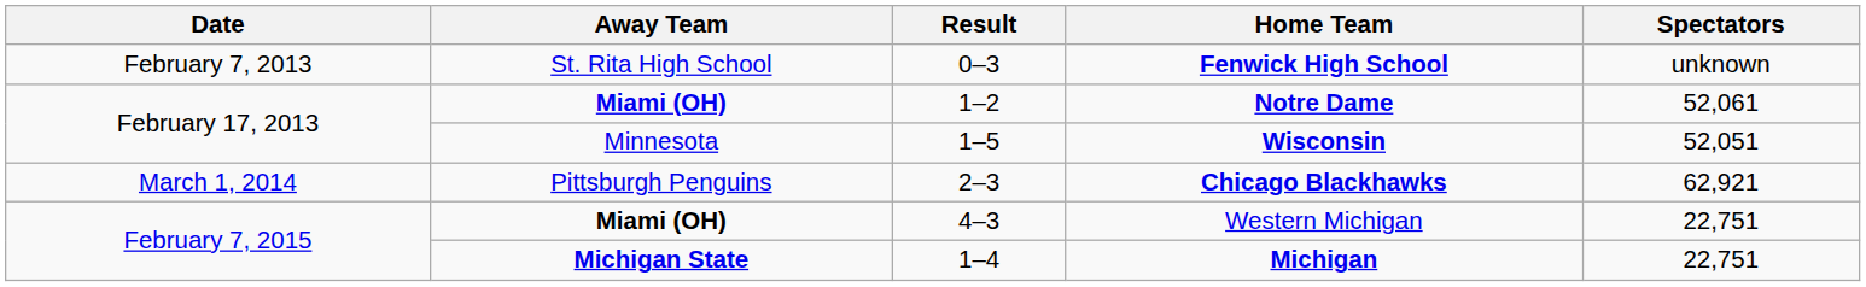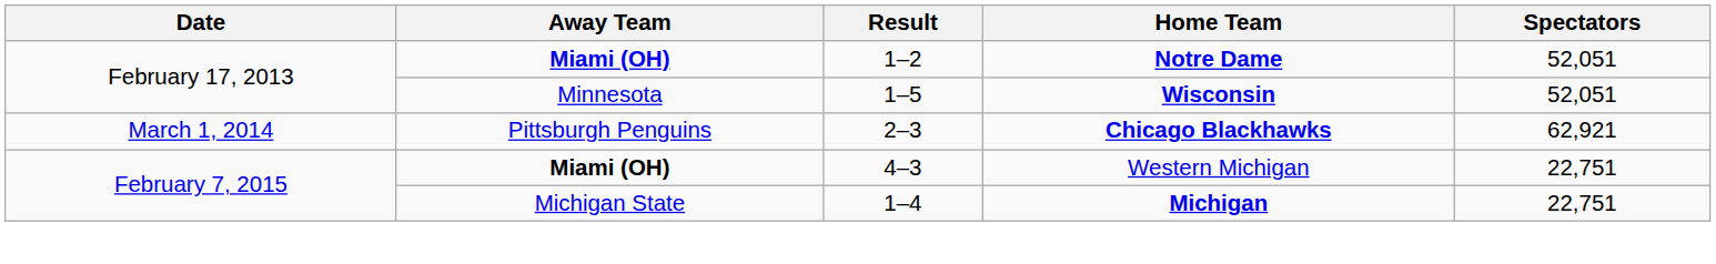 <table class="wikitable"  style="text-align:left; width:95%; text-align:center;">
 <tr>
 <th style="text-align:center; ">Date</th>
 <th style="text-align:center; ">Away Team</th>
 <th style="text-align:center; ">Result</th>
 <th style="text-align:center; ">Home Team</th>
 <th style="text-align:center; ">Spectators</th>
 </tr>
 <tr>
-<td>February 7, 2013</td>
-<td><a href='#'>St. Rita High School</a></td>
-<td>0–3</td>
-<td><strong><a href='#'>Fenwick High School</a></strong></td>
-<td>unknown</td>
-</tr>
-<tr>
 <td rowspan="2">February 17, 2013</td>
 <td><strong><a href='#'>Miami (OH)</a></strong></td>
 <td>1–2</td>
 <td><strong><a href='#'>Notre Dame</a></strong></td>
-<td>52,061</td>
+<td>52,051</td>
 </tr>
 <tr>
 <td><a href='#'>Minnesota</a></td>
 <td>1–5</td>
 <td><strong><a href='#'>Wisconsin</a></strong></td>
 <td>52,051</td>
 </tr>
 <tr>
 <td><a href='#'>March 1, 2014</a></td>
 <td><a href='#'>Pittsburgh Penguins</a></td>
 <td>2–3</td>
 <td><strong><a href='#'>Chicago Blackhawks</a></strong></td>
 <td>62,921</td>
 </tr>
 <tr>
 <td rowspan="2"><a href='#'>February 7, 2015</a></td>
 <td><strong>Miami (OH)</strong></td>
 <td>4–3</td>
 <td><a href='#'>Western Michigan</a></td>
 <td>22,751</td>
 </tr>
 <tr>
-<td><strong><a href='#'>Michigan State</a></strong></td>
+<td><a href='#'>Michigan State</a></td>
 <td>1–4</td>
 <td><strong><a href='#'>Michigan</a></strong></td>
 <td>22,751</td>
 </tr>
 </table>
